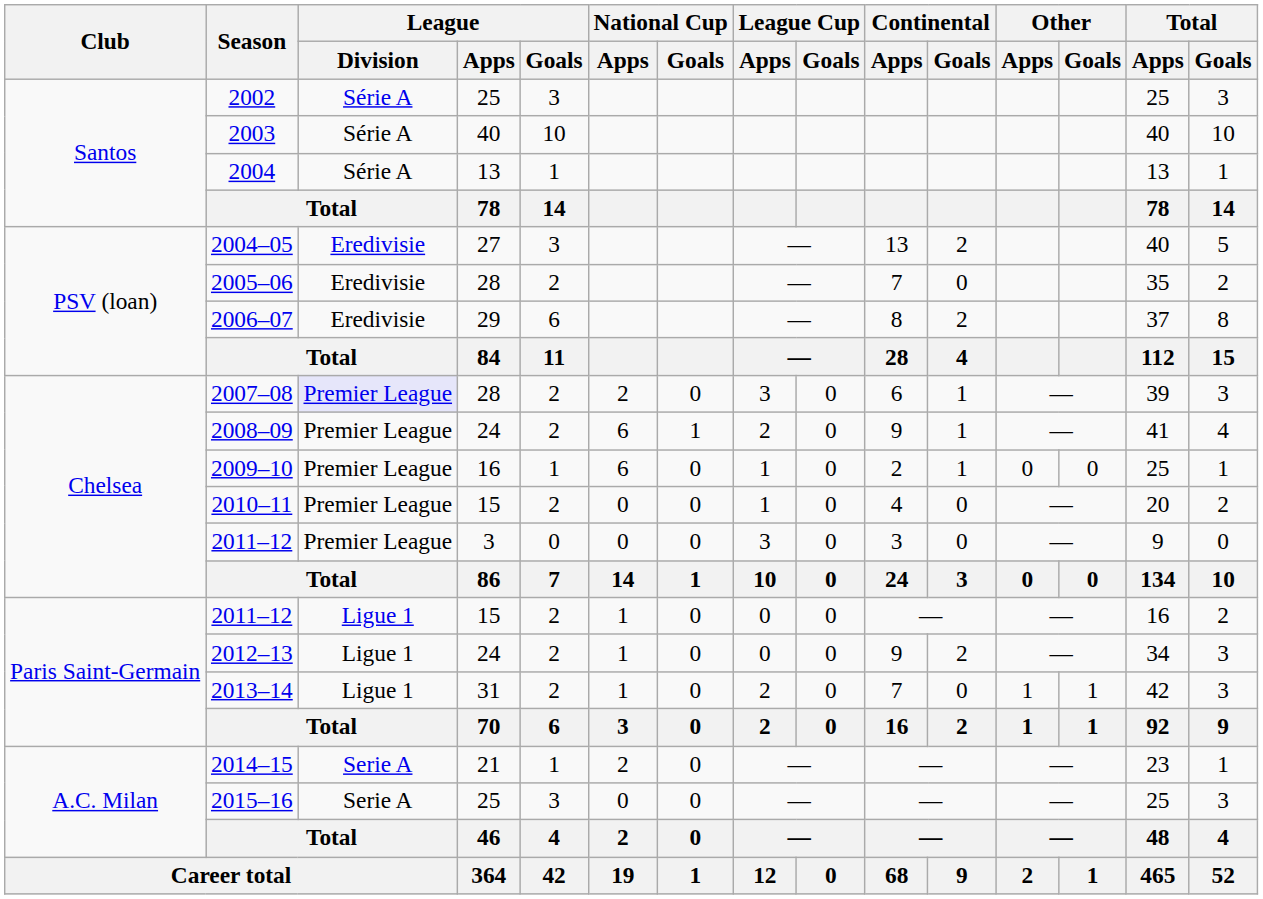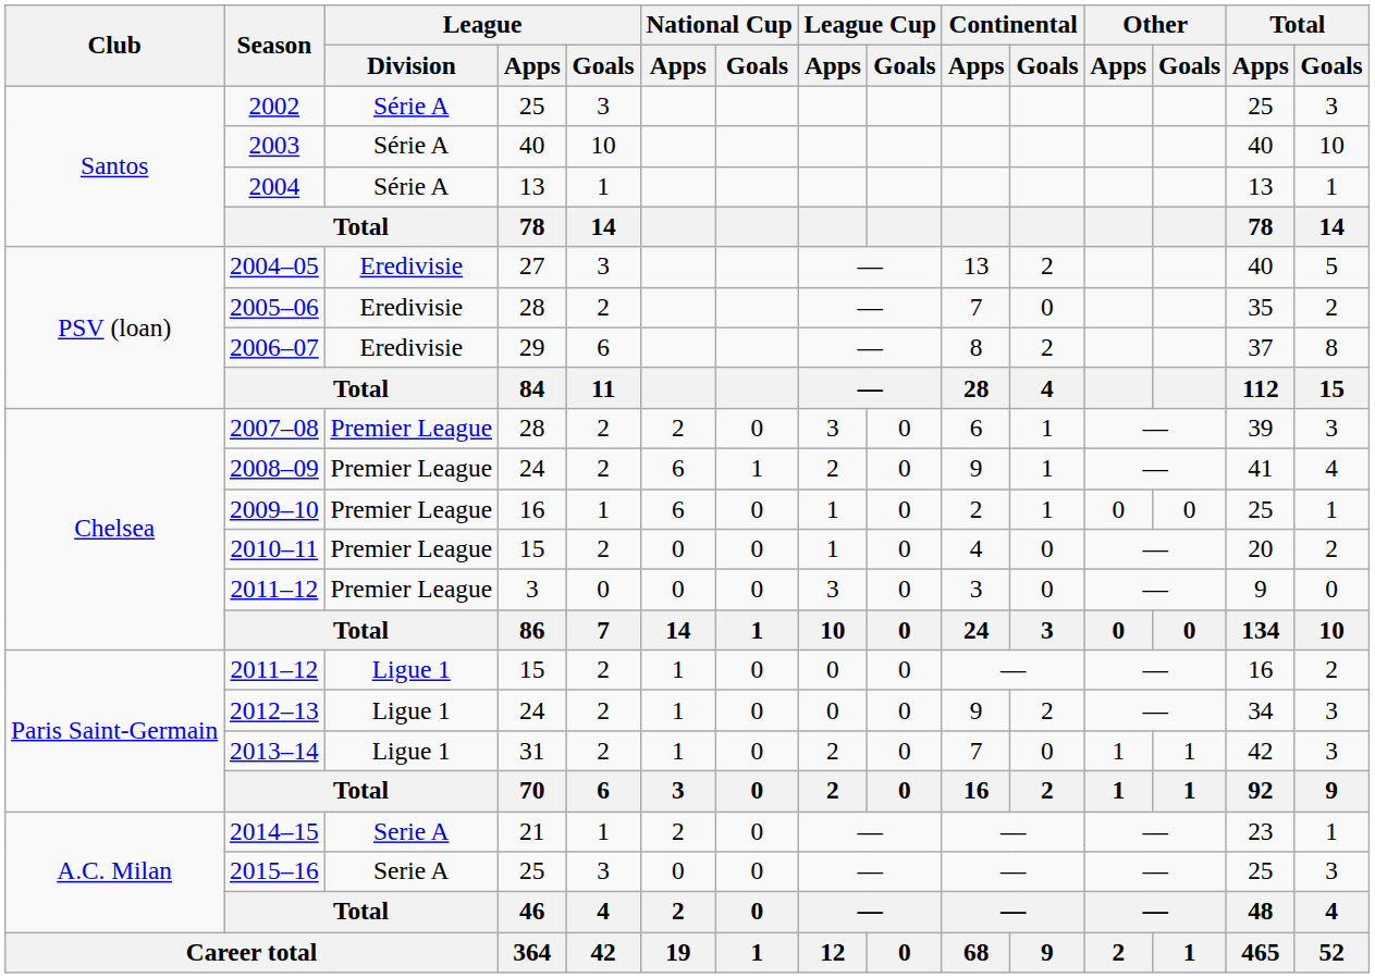 <table class="wikitable" style="text-align:center">
 <tr>
 <th rowspan="2">Club</th>
 <th rowspan="2">Season</th>
 <th colspan="3">League</th>
 <th colspan="2">National Cup</th>
 <th colspan="2">League Cup</th>
 <th colspan="2">Continental</th>
 <th colspan="2">Other</th>
 <th colspan="2">Total</th>
 </tr>
 <tr>
 <th>Division</th>
 <th>Apps</th>
 <th>Goals</th>
 <th>Apps</th>
 <th>Goals</th>
 <th>Apps</th>
 <th>Goals</th>
 <th>Apps</th>
 <th>Goals</th>
 <th>Apps</th>
 <th>Goals</th>
 <th>Apps</th>
 <th>Goals</th>
 </tr>
 <tr>
 <td rowspan="4"><a href='#'>Santos</a></td>
 <td><a href='#'>2002</a></td>
 <td><a href='#'>Série A</a></td>
 <td>25</td>
 <td>3</td>
 <td></td>
 <td></td>
 <td></td>
 <td></td>
 <td></td>
 <td></td>
 <td></td>
 <td></td>
 <td>25</td>
 <td>3</td>
 </tr>
 <tr>
 <td><a href='#'>2003</a></td>
 <td>Série A</td>
 <td>40</td>
 <td>10</td>
 <td></td>
 <td></td>
 <td></td>
 <td></td>
 <td></td>
 <td></td>
 <td></td>
 <td></td>
 <td>40</td>
 <td>10</td>
 </tr>
 <tr>
 <td><a href='#'>2004</a></td>
 <td>Série A</td>
 <td>13</td>
 <td>1</td>
 <td></td>
 <td></td>
 <td></td>
 <td></td>
 <td></td>
 <td></td>
 <td></td>
 <td></td>
 <td>13</td>
 <td>1</td>
 </tr>
 <tr>
 <th colspan="2">Total</th>
 <th>78</th>
 <th>14</th>
 <th></th>
 <th></th>
 <th></th>
 <th></th>
 <th></th>
 <th></th>
 <th></th>
 <th></th>
 <th>78</th>
 <th>14</th>
 </tr>
 <tr>
 <td rowspan="4"><a href='#'>PSV</a> (loan)</td>
 <td><a href='#'>2004–05</a></td>
 <td><a href='#'>Eredivisie</a></td>
 <td>27</td>
 <td>3</td>
 <td></td>
 <td></td>
 <td colspan="2">—</td>
 <td>13</td>
 <td>2</td>
 <td></td>
 <td></td>
 <td>40</td>
 <td>5</td>
 </tr>
 <tr>
 <td><a href='#'>2005–06</a></td>
 <td>Eredivisie</td>
 <td>28</td>
 <td>2</td>
 <td></td>
 <td></td>
 <td colspan="2">—</td>
 <td>7</td>
 <td>0</td>
 <td></td>
 <td></td>
 <td>35</td>
 <td>2</td>
 </tr>
 <tr>
 <td><a href='#'>2006–07</a></td>
 <td>Eredivisie</td>
 <td>29</td>
 <td>6</td>
 <td></td>
 <td></td>
 <td colspan="2">—</td>
 <td>8</td>
 <td>2</td>
 <td></td>
 <td></td>
 <td>37</td>
 <td>8</td>
 </tr>
 <tr>
 <th colspan="2">Total</th>
 <th>84</th>
 <th>11</th>
 <th></th>
 <th></th>
 <th colspan="2">—</th>
 <th>28</th>
 <th>4</th>
 <th></th>
 <th></th>
 <th>112</th>
 <th>15</th>
 </tr>
 <tr>
 <td rowspan="6"><a href='#'>Chelsea</a></td>
 <td><a href='#'>2007–08</a></td>
-<td style="background: lavender;"><a href='#'>Premier League</a></td>
+<td><a href='#'>Premier League</a></td>
 <td>28</td>
 <td>2</td>
 <td>2</td>
 <td>0</td>
 <td>3</td>
 <td>0</td>
 <td>6</td>
 <td>1</td>
 <td colspan="2">—</td>
 <td>39</td>
 <td>3</td>
 </tr>
 <tr>
 <td><a href='#'>2008–09</a></td>
 <td>Premier League</td>
 <td>24</td>
 <td>2</td>
 <td>6</td>
 <td>1</td>
 <td>2</td>
 <td>0</td>
 <td>9</td>
 <td>1</td>
 <td colspan="2">—</td>
 <td>41</td>
 <td>4</td>
 </tr>
 <tr>
 <td><a href='#'>2009–10</a></td>
 <td>Premier League</td>
 <td>16</td>
 <td>1</td>
 <td>6</td>
 <td>0</td>
 <td>1</td>
 <td>0</td>
 <td>2</td>
 <td>1</td>
 <td>0</td>
 <td>0</td>
 <td>25</td>
 <td>1</td>
 </tr>
 <tr>
 <td><a href='#'>2010–11</a></td>
 <td>Premier League</td>
 <td>15</td>
 <td>2</td>
 <td>0</td>
 <td>0</td>
 <td>1</td>
 <td>0</td>
 <td>4</td>
 <td>0</td>
 <td colspan="2">—</td>
 <td>20</td>
 <td>2</td>
 </tr>
 <tr>
 <td><a href='#'>2011–12</a></td>
 <td>Premier League</td>
 <td>3</td>
 <td>0</td>
 <td>0</td>
 <td>0</td>
 <td>3</td>
 <td>0</td>
 <td>3</td>
 <td>0</td>
 <td colspan="2">—</td>
 <td>9</td>
 <td>0</td>
 </tr>
 <tr>
 <th colspan="2">Total</th>
 <th>86</th>
 <th>7</th>
 <th>14</th>
 <th>1</th>
 <th>10</th>
 <th>0</th>
 <th>24</th>
 <th>3</th>
 <th>0</th>
 <th>0</th>
 <th>134</th>
 <th>10</th>
 </tr>
 <tr>
 <td rowspan="4"><a href='#'>Paris Saint-Germain</a></td>
 <td><a href='#'>2011–12</a></td>
 <td><a href='#'>Ligue 1</a></td>
 <td>15</td>
 <td>2</td>
 <td>1</td>
 <td>0</td>
 <td>0</td>
 <td>0</td>
 <td colspan="2">—</td>
 <td colspan="2">—</td>
 <td>16</td>
 <td>2</td>
 </tr>
 <tr>
 <td><a href='#'>2012–13</a></td>
 <td>Ligue 1</td>
 <td>24</td>
 <td>2</td>
 <td>1</td>
 <td>0</td>
 <td>0</td>
 <td>0</td>
 <td>9</td>
 <td>2</td>
 <td colspan="2">—</td>
 <td>34</td>
 <td>3</td>
 </tr>
 <tr>
 <td><a href='#'>2013–14</a></td>
 <td>Ligue 1</td>
 <td>31</td>
 <td>2</td>
 <td>1</td>
 <td>0</td>
 <td>2</td>
 <td>0</td>
 <td>7</td>
 <td>0</td>
 <td>1</td>
 <td>1</td>
 <td>42</td>
 <td>3</td>
 </tr>
 <tr>
 <th colspan="2">Total</th>
 <th>70</th>
 <th>6</th>
 <th>3</th>
 <th>0</th>
 <th>2</th>
 <th>0</th>
 <th>16</th>
 <th>2</th>
 <th>1</th>
 <th>1</th>
 <th>92</th>
 <th>9</th>
 </tr>
 <tr>
 <td rowspan="3"><a href='#'>A.C. Milan</a></td>
 <td><a href='#'>2014–15</a></td>
 <td><a href='#'>Serie A</a></td>
 <td>21</td>
 <td>1</td>
 <td>2</td>
 <td>0</td>
 <td colspan="2">—</td>
 <td colspan="2">—</td>
 <td colspan="2">—</td>
 <td>23</td>
 <td>1</td>
 </tr>
 <tr>
 <td><a href='#'>2015–16</a></td>
 <td>Serie A</td>
 <td>25</td>
 <td>3</td>
 <td>0</td>
 <td>0</td>
 <td colspan="2">—</td>
 <td colspan="2">—</td>
 <td colspan="2">—</td>
 <td>25</td>
 <td>3</td>
 </tr>
 <tr>
 <th colspan="2">Total</th>
 <th>46</th>
 <th>4</th>
 <th>2</th>
 <th>0</th>
 <th colspan="2">—</th>
 <th colspan="2">—</th>
 <th colspan="2">—</th>
 <th>48</th>
 <th>4</th>
 </tr>
 <tr>
 <th colspan="3">Career total</th>
 <th>364</th>
 <th>42</th>
 <th>19</th>
 <th>1</th>
 <th>12</th>
 <th>0</th>
 <th>68</th>
 <th>9</th>
 <th>2</th>
 <th>1</th>
 <th>465</th>
 <th>52</th>
 </tr>
 </table>
